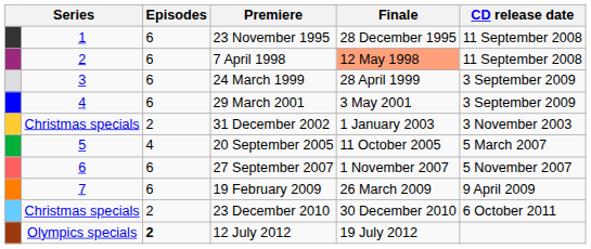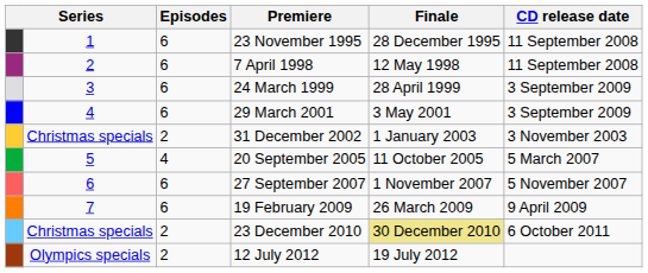 <table class="wikitable">
 <tr>
 <th colspan="2">Series</th>
 <th>Episodes</th>
 <th>Premiere</th>
 <th>Finale</th>
 <th><a href='#'>CD</a> release date</th>
 </tr>
 <tr>
 <td style="width:12px; background:#333;"></td>
 <td style="text-align:center;"><a href='#'>1</a></td>
 <td>6</td>
 <td>23 November 1995</td>
 <td>28 December 1995</td>
 <td>11 September 2008</td>
 </tr>
 <tr>
 <td style="width:12px; background:#9A297E;"></td>
 <td style="text-align:center;"><a href='#'>2</a></td>
 <td>6</td>
 <td>7 April 1998</td>
-<td style="background: lightsalmon;">12 May 1998</td>
+<td>12 May 1998</td>
 <td>11 September 2008</td>
 </tr>
 <tr>
 <td style="width:12px; background:#DEDDE2;"></td>
 <td style="text-align:center;"><a href='#'>3</a></td>
 <td>6</td>
 <td>24 March 1999</td>
 <td>28 April 1999</td>
 <td>3 September 2009</td>
 </tr>
 <tr>
 <td style="width:12px; background:#00f;"></td>
 <td style="text-align:center;"><a href='#'>4</a></td>
 <td>6</td>
 <td>29 March 2001</td>
 <td>3 May 2001</td>
 <td>3 September 2009</td>
 </tr>
 <tr>
 <td style="width:12px; background:#fc3;"></td>
 <td style="text-align:center;"><a href='#'>Christmas specials</a></td>
 <td>2</td>
 <td>31 December 2002</td>
 <td>1 January 2003</td>
 <td>3 November 2003</td>
 </tr>
 <tr>
 <td style="width:12px; background:#00AE3A;"></td>
 <td style="text-align:center;"><a href='#'>5</a></td>
 <td>4</td>
 <td>20 September 2005</td>
 <td>11 October 2005</td>
 <td>5 March 2007</td>
 </tr>
 <tr>
 <td style="width:12px; background:#FF5F5F;"></td>
 <td style="text-align:center;"><a href='#'>6</a></td>
 <td>6</td>
 <td>27 September 2007</td>
 <td>1 November 2007</td>
 <td>5 November 2007</td>
 </tr>
 <tr>
 <td style="width:12px; background:#FF7E00;"></td>
 <td style="text-align:center;"><a href='#'>7</a></td>
 <td>6</td>
 <td>19 February 2009</td>
 <td>26 March 2009</td>
 <td>9 April 2009</td>
 </tr>
 <tr>
 <td style="width:12px; background:#6cf;"></td>
 <td style="text-align:center;"><a href='#'>Christmas specials</a></td>
 <td>2</td>
 <td>23 December 2010</td>
-<td>30 December 2010</td>
+<td style="background: khaki;">30 December 2010</td>
 <td>6 October 2011</td>
 </tr>
 <tr>
 <td style="width:12px; background:#9C380C;"></td>
 <td style="text-align:center;"><a href='#'>Olympics specials</a></td>
-<td><strong>2</strong></td>
+<td>2</td>
 <td>12 July 2012</td>
 <td>19 July 2012</td>
 <td></td>
 </tr>
 </table>
